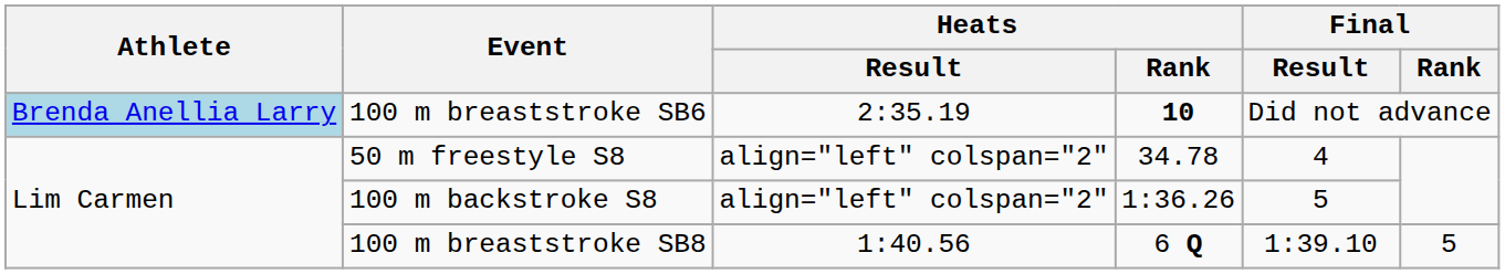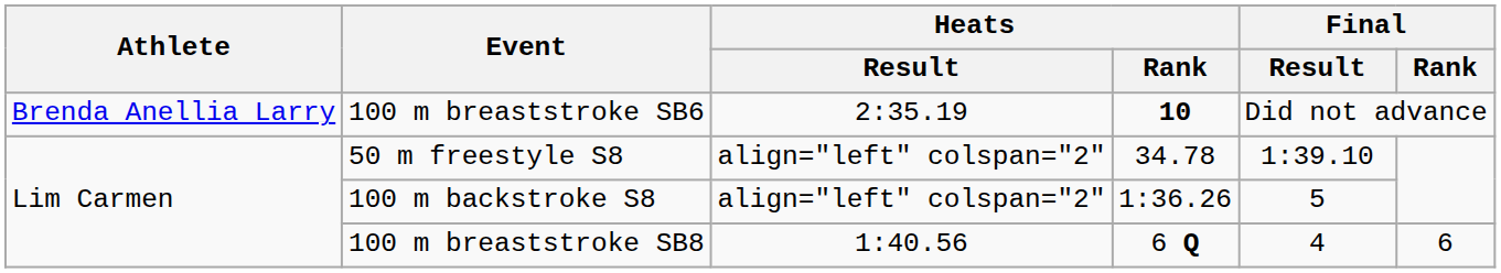 <table class=wikitable style="font-size:95%">
 <tr>
 <th rowspan="2">Athlete</th>
 <th rowspan="2">Event</th>
 <th colspan="2">Heats</th>
 <th colspan="2">Final</th>
 </tr>
 <tr>
 <th>Result</th>
 <th>Rank</th>
 <th>Result</th>
 <th>Rank</th>
 </tr>
 <tr align=center>
-<td align=left style="background: lightblue;"><a href='#'>Brenda Anellia Larry</a></td>
+<td align=left><a href='#'>Brenda Anellia Larry</a></td>
 <td align=left>100 m breaststroke SB6</td>
 <td>2:35.19</td>
 <td><strong>10</strong></td>
 <td align="center" colspan="2">Did not advance</td>
 </tr>
 <tr align=center>
 <td align=left rowspan="3">Lim Carmen</td>
 <td align=left>50 m freestyle S8</td>
 <td>align="left" colspan="2" </td>
 <td>34.78</td>
-<td>4</td>
+<td>1:39.10</td>
 </tr>
 <tr align="center">
 <td align=left>100 m backstroke S8</td>
 <td>align="left" colspan="2" </td>
 <td>1:36.26</td>
 <td>5</td>
 </tr>
 <tr align="center">
 <td align=left>100 m breaststroke SB8</td>
 <td>1:40.56</td>
 <td>6 <strong>Q</strong></td>
-<td>1:39.10</td>
-<td>5</td>
+<td>4</td>
+<td>6</td>
 </tr>
 </table>
